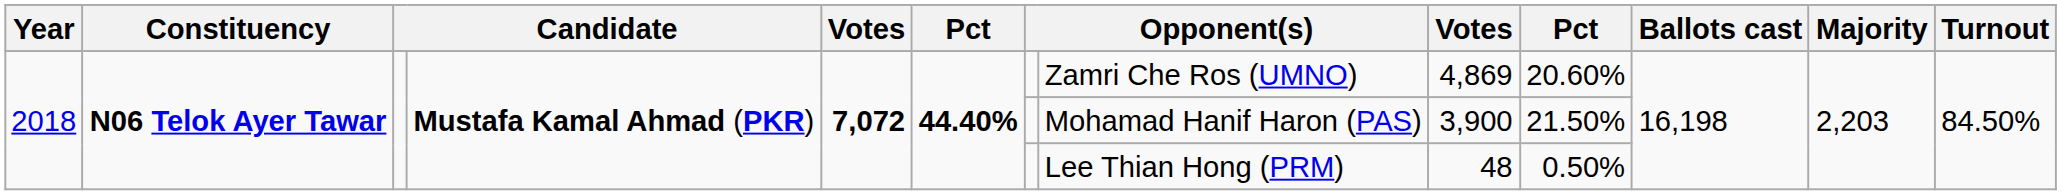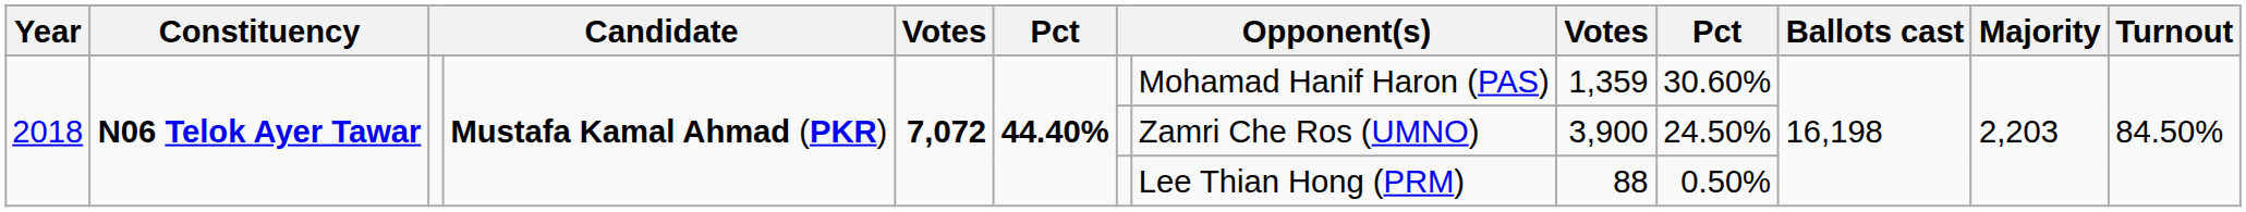 <table class="wikitable" style="margin:0.5em ; font-size:95%">
 <tr>
 <th>Year</th>
 <th>Constituency</th>
 <th colspan=2>Candidate</th>
 <th>Votes</th>
 <th>Pct</th>
 <th colspan=2>Opponent(s)</th>
 <th>Votes</th>
 <th>Pct</th>
 <th>Ballots cast</th>
 <th>Majority</th>
 <th>Turnout</th>
 </tr>
 <tr>
 <td rowspan=3><a href='#'>2018</a></td>
 <td rowspan=3><strong>N06 <a href='#'>Telok Ayer Tawar</a></strong></td>
 <td rowspan=3 ></td>
 <td rowspan=3><strong>Mustafa Kamal Ahmad</strong> (<a href='#'><strong>PKR</strong></a>)</td>
 <td rowspan=3 align=right><strong>7,072</strong></td>
 <td rowspan=3><strong>44.40%</strong></td>
 <td></td>
-<td>Zamri Che Ros (<a href='#'>UMNO</a>)</td>
-<td align=right>4,869</td>
-<td>20.60%</td>
+<td>Mohamad Hanif Haron (<a href='#'>PAS</a>)</td>
+<td align=right>1,359</td>
+<td>30.60%</td>
 <td rowspan=3>16,198</td>
 <td rowspan=3>2,203</td>
 <td rowspan=3>84.50%</td>
 </tr>
 <tr>
 <td></td>
-<td>Mohamad Hanif Haron (<a href='#'>PAS</a>)</td>
+<td>Zamri Che Ros (<a href='#'>UMNO</a>)</td>
 <td align=right>3,900</td>
-<td>21.50%</td>
+<td>24.50%</td>
 </tr>
 <tr>
 <td bgcolor=></td>
 <td>Lee Thian Hong (<a href='#'>PRM</a>)</td>
-<td align=right>48</td>
+<td align=right>88</td>
 <td align=right>0.50%</td>
 </tr>
 </table>
